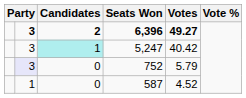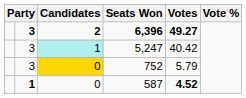 <table class="wikitable" style="text-align: right;">
 <tr>
 <th colspan=2>Party</th>
 <th scope="col" text-align="right">Candidates</th>
 <th>Seats Won</th>
 <th>Votes</th>
 <th>Vote %</th>
 </tr>
 <tr style="font-weight: bold;">
 <td></td>
 <td>3</td>
 <td>2</td>
 <td>6,396</td>
 <td>49.27</td>
 </tr>
 <tr>
 <td></td>
 <td>3</td>
 <td style="background: paleturquoise;">1</td>
 <td>5,247</td>
 <td>40.42</td>
 </tr>
 <tr>
 <td></td>
-<td style="background: lavender;">3</td>
-<td>0</td>
+<td>3</td>
+<td style="background: gold;">0</td>
 <td>752</td>
 <td>5.79</td>
 </tr>
 <tr>
 <td></td>
-<td>1</td>
+<td><strong>1</strong></td>
 <td>0</td>
 <td>587</td>
-<td>4.52</td>
+<td><strong>4.52</strong></td>
 </tr>
 </table>
